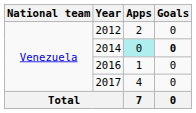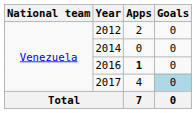 <table class="wikitable" style="text-align: center;">
 <tr>
 <th>National team</th>
 <th>Year</th>
 <th>Apps</th>
 <th>Goals</th>
 </tr>
 <tr>
 <td rowspan="4"><a href='#'>Venezuela</a></td>
 <td>2012</td>
 <td>2</td>
 <td>0</td>
 </tr>
 <tr>
 <td>2014</td>
-<td style="background: paleturquoise;">0</td>
-<td><strong>0</strong></td>
+<td>0</td>
+<td>0</td>
 </tr>
 <tr>
 <td>2016</td>
-<td>1</td>
+<td><strong>1</strong></td>
 <td>0</td>
 </tr>
 <tr>
 <td>2017</td>
 <td>4</td>
-<td>0</td>
+<td style="background: lightblue;">0</td>
 </tr>
 <tr>
 <th colspan="2">Total</th>
 <th>7</th>
 <th>0</th>
 </tr>
 </table>
